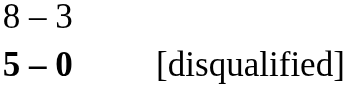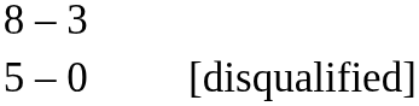 <table style="text-align:center">
 <tr>
 <th width=200></th>
 <th width=100></th>
 <th width=200></th>
 </tr>
 <tr>
 <td align=right><strong></strong></td>
 <td>8 – 3</td>
 <td align=left></td>
 </tr>
 <tr>
 <td align=right><strong></strong></td>
-<td><strong>5 – 0</strong></td>
+<td>5 – 0</td>
 <td align=left> [disqualified]</td>
 </tr>
 </table>
